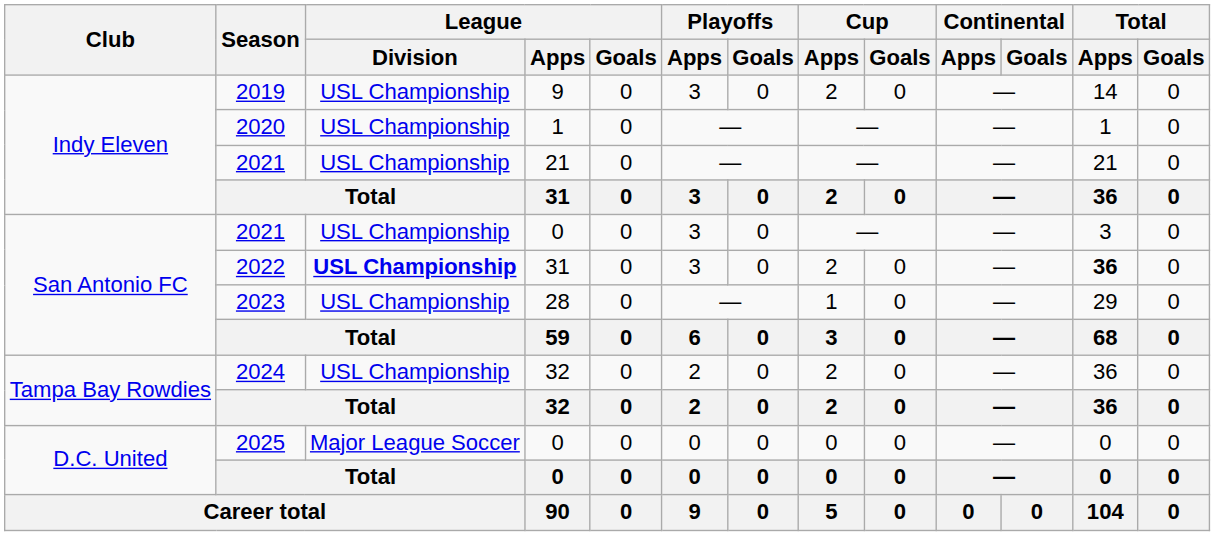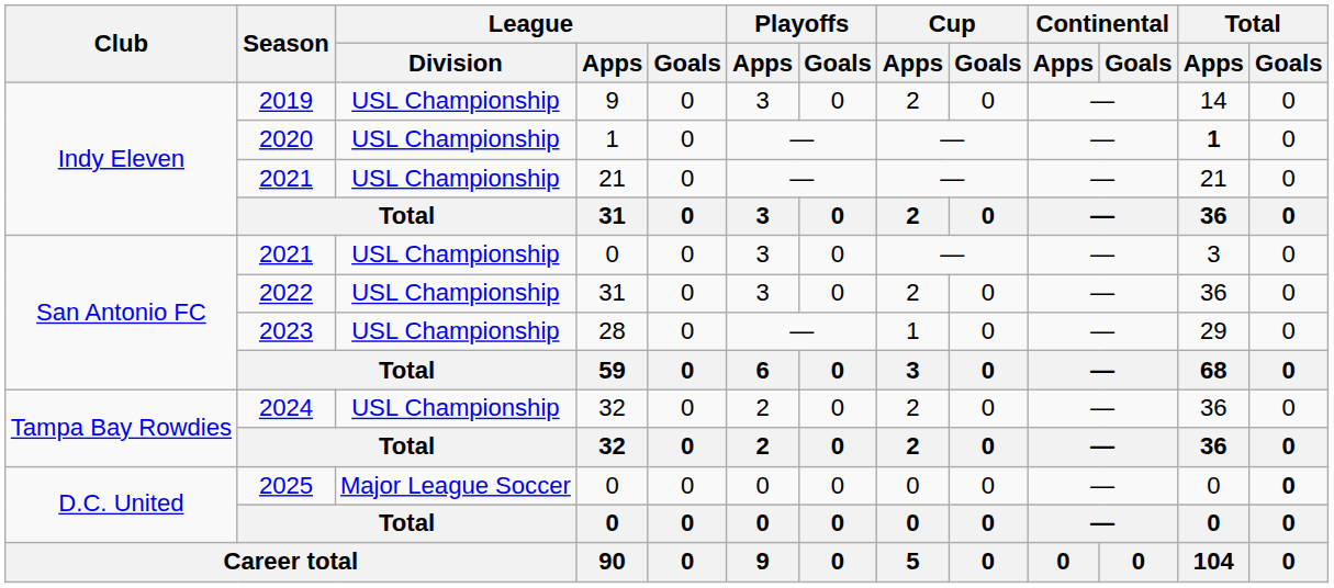 <table class=wikitable style=text-align:center>
 <tr>
 <th rowspan=2>Club</th>
 <th rowspan=2>Season</th>
 <th colspan=3>League</th>
 <th colspan=2>Playoffs</th>
 <th colspan=2>Cup</th>
 <th colspan=2>Continental</th>
 <th colspan=2>Total</th>
 </tr>
 <tr>
 <th>Division</th>
 <th>Apps</th>
 <th>Goals</th>
 <th>Apps</th>
 <th>Goals</th>
 <th>Apps</th>
 <th>Goals</th>
 <th>Apps</th>
 <th>Goals</th>
 <th>Apps</th>
 <th>Goals</th>
 </tr>
 <tr>
 <td rowspan=4><a href='#'>Indy Eleven</a></td>
 <td><a href='#'>2019</a></td>
 <td><a href='#'>USL Championship</a></td>
 <td>9</td>
 <td>0</td>
 <td>3</td>
 <td>0</td>
 <td>2</td>
 <td>0</td>
 <td colspan=2>—</td>
 <td>14</td>
 <td>0</td>
 </tr>
 <tr>
 <td><a href='#'>2020</a></td>
 <td><a href='#'>USL Championship</a></td>
 <td>1</td>
 <td>0</td>
 <td colspan=2>—</td>
 <td colspan=2>—</td>
 <td colspan=2>—</td>
-<td>1</td>
+<td><strong>1</strong></td>
 <td>0</td>
 </tr>
 <tr>
 <td><a href='#'>2021</a></td>
 <td><a href='#'>USL Championship</a></td>
 <td>21</td>
 <td>0</td>
 <td colspan=2>—</td>
 <td colspan=2>—</td>
 <td colspan=2>—</td>
 <td>21</td>
 <td>0</td>
 </tr>
 <tr>
 <th colspan=2>Total</th>
 <th>31</th>
 <th>0</th>
 <th>3</th>
 <th>0</th>
 <th>2</th>
 <th>0</th>
 <th colspan=2>—</th>
 <th>36</th>
 <th>0</th>
 </tr>
 <tr>
 <td rowspan=4><a href='#'>San Antonio FC</a></td>
 <td><a href='#'>2021</a></td>
 <td><a href='#'>USL Championship</a></td>
 <td>0</td>
 <td>0</td>
 <td>3</td>
 <td>0</td>
 <td colspan=2>—</td>
 <td colspan=2>—</td>
 <td>3</td>
 <td>0</td>
 </tr>
 <tr>
 <td><a href='#'>2022</a></td>
-<td><strong><a href='#'>USL Championship</a></strong></td>
+<td><a href='#'>USL Championship</a></td>
 <td>31</td>
 <td>0</td>
 <td>3</td>
 <td>0</td>
 <td>2</td>
 <td>0</td>
 <td colspan=2>—</td>
-<td><strong>36</strong></td>
+<td>36</td>
 <td>0</td>
 </tr>
 <tr>
 <td><a href='#'>2023</a></td>
 <td><a href='#'>USL Championship</a></td>
 <td>28</td>
 <td>0</td>
 <td colspan=2>—</td>
 <td>1</td>
 <td>0</td>
 <td colspan=2>—</td>
 <td>29</td>
 <td>0</td>
 </tr>
 <tr>
 <th colspan=2>Total</th>
 <th>59</th>
 <th>0</th>
 <th>6</th>
 <th>0</th>
 <th>3</th>
 <th>0</th>
 <th colspan=2>—</th>
 <th>68</th>
 <th>0</th>
 </tr>
 <tr>
 <td rowspan=2><a href='#'>Tampa Bay Rowdies</a></td>
 <td><a href='#'>2024</a></td>
 <td><a href='#'>USL Championship</a></td>
 <td>32</td>
 <td>0</td>
 <td>2</td>
 <td>0</td>
 <td>2</td>
 <td>0</td>
 <td colspan=2>—</td>
 <td>36</td>
 <td>0</td>
 </tr>
 <tr>
 <th colspan=2>Total</th>
 <th>32</th>
 <th>0</th>
 <th>2</th>
 <th>0</th>
 <th>2</th>
 <th>0</th>
 <th colspan=2>—</th>
 <th>36</th>
 <th>0</th>
 </tr>
 <tr>
 <td rowspan=2><a href='#'>D.C. United</a></td>
 <td><a href='#'>2025</a></td>
 <td><a href='#'>Major League Soccer</a></td>
 <td>0</td>
 <td>0</td>
 <td>0</td>
 <td>0</td>
 <td>0</td>
 <td>0</td>
 <td colspan=2>—</td>
 <td>0</td>
-<td>0</td>
+<td><strong>0</strong></td>
 </tr>
 <tr>
 <th colspan=2>Total</th>
 <th>0</th>
 <th>0</th>
 <th>0</th>
 <th>0</th>
 <th>0</th>
 <th>0</th>
 <th colspan=2>—</th>
 <th>0</th>
 <th>0</th>
 </tr>
 <tr>
 <th colspan=3>Career total</th>
 <th>90</th>
 <th>0</th>
 <th>9</th>
 <th>0</th>
 <th>5</th>
 <th>0</th>
 <th>0</th>
 <th>0</th>
 <th>104</th>
 <th>0</th>
 </tr>
 </table>
